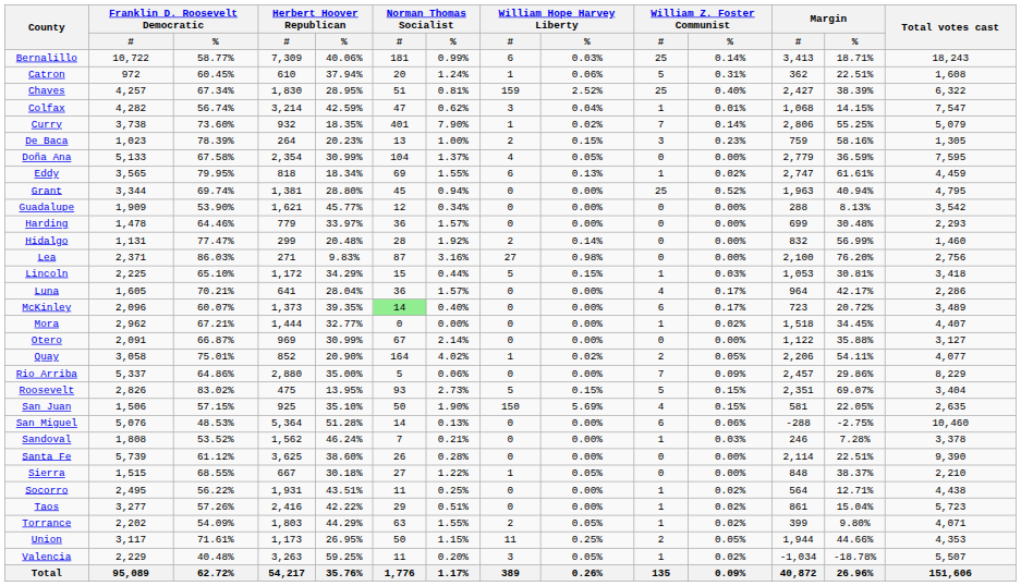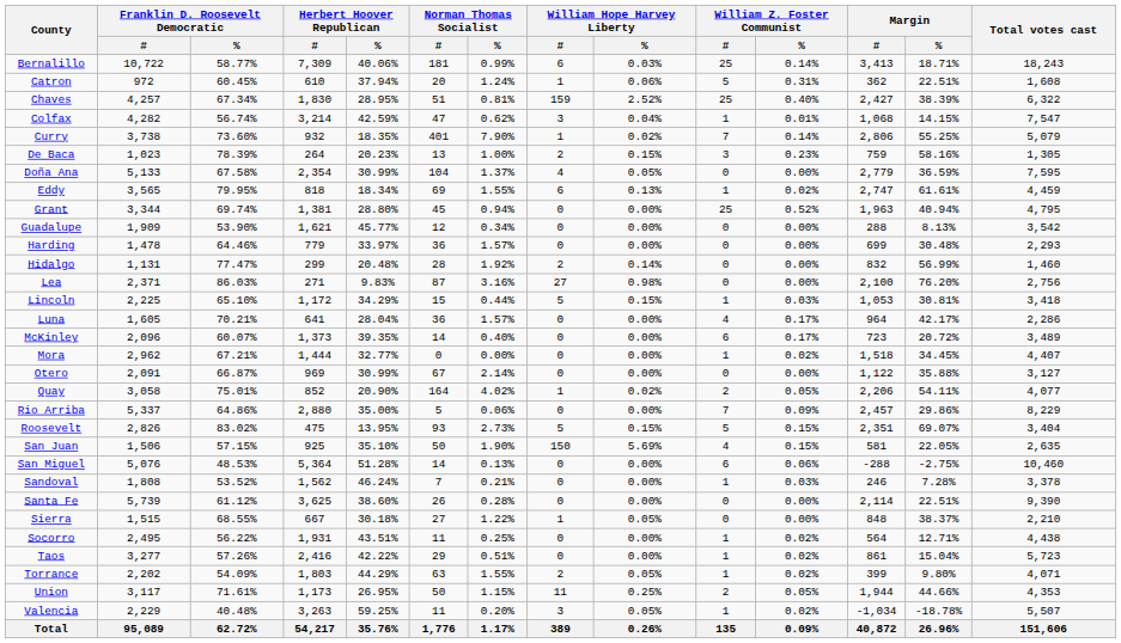 <table width="65%" class="wikitable sortable" style="text-align:center">
 <tr>
 <th style="text-align:center;" rowspan="2">County</th>
 <th style="text-align:center;" colspan="2"><a href='#'>Franklin D. Roosevelt</a><br>Democratic</th>
 <th style="text-align:center;" colspan="2"><a href='#'>Herbert Hoover</a><br>Republican</th>
 <th style="text-align:center;" colspan="2"><a href='#'>Norman Thomas</a><br>Socialist</th>
 <th style="text-align:center;" colspan="2"><a href='#'>William Hope Harvey</a><br>Liberty</th>
 <th style="text-align:center;" colspan="2"><a href='#'>William Z. Foster</a><br>Communist</th>
 <th style="text-align:center;" colspan="2">Margin</th>
 <th style="text-align:center;" rowspan="2">Total votes cast</th>
 </tr>
 <tr>
 <th style="text-align:center;" data-sort-type="number">#</th>
 <th style="text-align:center;" data-sort-type="number">%</th>
 <th style="text-align:center;" data-sort-type="number">#</th>
 <th style="text-align:center;" data-sort-type="number">%</th>
 <th style="text-align:center;" data-sort-type="number">#</th>
 <th style="text-align:center;" data-sort-type="number">%</th>
 <th style="text-align:center;" data-sort-type="number">#</th>
 <th style="text-align:center;" data-sort-type="number">%</th>
 <th style="text-align:center;" data-sort-type="number">#</th>
 <th style="text-align:center;" data-sort-type="number">%</th>
 <th style="text-align:center;" data-sort-type="number">#</th>
 <th style="text-align:center;" data-sort-type="number">%</th>
 </tr>
 <tr style="text-align:center;">
 <td><a href='#'>Bernalillo</a></td>
 <td>10,722</td>
 <td>58.77%</td>
 <td>7,309</td>
 <td>40.06%</td>
 <td>181</td>
 <td>0.99%</td>
 <td>6</td>
 <td>0.03%</td>
 <td>25</td>
 <td>0.14%</td>
 <td>3,413</td>
 <td>18.71%</td>
 <td>18,243</td>
 </tr>
 <tr style="text-align:center;">
 <td><a href='#'>Catron</a></td>
 <td>972</td>
 <td>60.45%</td>
 <td>610</td>
 <td>37.94%</td>
 <td>20</td>
 <td>1.24%</td>
 <td>1</td>
 <td>0.06%</td>
 <td>5</td>
 <td>0.31%</td>
 <td>362</td>
 <td>22.51%</td>
 <td>1,608</td>
 </tr>
 <tr style="text-align:center;">
 <td><a href='#'>Chaves</a></td>
 <td>4,257</td>
 <td>67.34%</td>
 <td>1,830</td>
 <td>28.95%</td>
 <td>51</td>
 <td>0.81%</td>
 <td>159</td>
 <td>2.52%</td>
 <td>25</td>
 <td>0.40%</td>
 <td>2,427</td>
 <td>38.39%</td>
 <td>6,322</td>
 </tr>
 <tr style="text-align:center;">
 <td><a href='#'>Colfax</a></td>
 <td>4,282</td>
 <td>56.74%</td>
 <td>3,214</td>
 <td>42.59%</td>
 <td>47</td>
 <td>0.62%</td>
 <td>3</td>
 <td>0.04%</td>
 <td>1</td>
 <td>0.01%</td>
 <td>1,068</td>
 <td>14.15%</td>
 <td>7,547</td>
 </tr>
 <tr style="text-align:center;">
 <td><a href='#'>Curry</a></td>
 <td>3,738</td>
 <td>73.60%</td>
 <td>932</td>
 <td>18.35%</td>
 <td>401</td>
 <td>7.90%</td>
 <td>1</td>
 <td>0.02%</td>
 <td>7</td>
 <td>0.14%</td>
 <td>2,806</td>
 <td>55.25%</td>
 <td>5,079</td>
 </tr>
 <tr style="text-align:center;">
 <td><a href='#'>De Baca</a></td>
 <td>1,023</td>
 <td>78.39%</td>
 <td>264</td>
 <td>20.23%</td>
 <td>13</td>
 <td>1.00%</td>
 <td>2</td>
 <td>0.15%</td>
 <td>3</td>
 <td>0.23%</td>
 <td>759</td>
 <td>58.16%</td>
 <td>1,305</td>
 </tr>
 <tr style="text-align:center;">
 <td><a href='#'>Doña Ana</a></td>
 <td>5,133</td>
 <td>67.58%</td>
 <td>2,354</td>
 <td>30.99%</td>
 <td>104</td>
 <td>1.37%</td>
 <td>4</td>
 <td>0.05%</td>
 <td>0</td>
 <td>0.00%</td>
 <td>2,779</td>
 <td>36.59%</td>
 <td>7,595</td>
 </tr>
 <tr style="text-align:center;">
 <td><a href='#'>Eddy</a></td>
 <td>3,565</td>
 <td>79.95%</td>
 <td>818</td>
 <td>18.34%</td>
 <td>69</td>
 <td>1.55%</td>
 <td>6</td>
 <td>0.13%</td>
 <td>1</td>
 <td>0.02%</td>
 <td>2,747</td>
 <td>61.61%</td>
 <td>4,459</td>
 </tr>
 <tr style="text-align:center;">
 <td><a href='#'>Grant</a></td>
 <td>3,344</td>
 <td>69.74%</td>
 <td>1,381</td>
 <td>28.80%</td>
 <td>45</td>
 <td>0.94%</td>
 <td>0</td>
 <td>0.00%</td>
 <td>25</td>
 <td>0.52%</td>
 <td>1,963</td>
 <td>40.94%</td>
 <td>4,795</td>
 </tr>
 <tr style="text-align:center;">
 <td><a href='#'>Guadalupe</a></td>
 <td>1,909</td>
 <td>53.90%</td>
 <td>1,621</td>
 <td>45.77%</td>
 <td>12</td>
 <td>0.34%</td>
 <td>0</td>
 <td>0.00%</td>
 <td>0</td>
 <td>0.00%</td>
 <td>288</td>
 <td>8.13%</td>
 <td>3,542</td>
 </tr>
 <tr style="text-align:center;">
 <td><a href='#'>Harding</a></td>
 <td>1,478</td>
 <td>64.46%</td>
 <td>779</td>
 <td>33.97%</td>
 <td>36</td>
 <td>1.57%</td>
 <td>0</td>
 <td>0.00%</td>
 <td>0</td>
 <td>0.00%</td>
 <td>699</td>
 <td>30.48%</td>
 <td>2,293</td>
 </tr>
 <tr style="text-align:center;">
 <td><a href='#'>Hidalgo</a></td>
 <td>1,131</td>
 <td>77.47%</td>
 <td>299</td>
 <td>20.48%</td>
 <td>28</td>
 <td>1.92%</td>
 <td>2</td>
 <td>0.14%</td>
 <td>0</td>
 <td>0.00%</td>
 <td>832</td>
 <td>56.99%</td>
 <td>1,460</td>
 </tr>
 <tr style="text-align:center;">
 <td><a href='#'>Lea</a></td>
 <td>2,371</td>
 <td>86.03%</td>
 <td>271</td>
 <td>9.83%</td>
 <td>87</td>
 <td>3.16%</td>
 <td>27</td>
 <td>0.98%</td>
 <td>0</td>
 <td>0.00%</td>
 <td>2,100</td>
 <td>76.20%</td>
 <td>2,756</td>
 </tr>
 <tr style="text-align:center;">
 <td><a href='#'>Lincoln</a></td>
 <td>2,225</td>
 <td>65.10%</td>
 <td>1,172</td>
 <td>34.29%</td>
 <td>15</td>
 <td>0.44%</td>
 <td>5</td>
 <td>0.15%</td>
 <td>1</td>
 <td>0.03%</td>
 <td>1,053</td>
 <td>30.81%</td>
 <td>3,418</td>
 </tr>
 <tr style="text-align:center;">
 <td><a href='#'>Luna</a></td>
 <td>1,605</td>
 <td>70.21%</td>
 <td>641</td>
 <td>28.04%</td>
 <td>36</td>
 <td>1.57%</td>
 <td>0</td>
 <td>0.00%</td>
 <td>4</td>
 <td>0.17%</td>
 <td>964</td>
 <td>42.17%</td>
 <td>2,286</td>
 </tr>
 <tr style="text-align:center;">
 <td><a href='#'>McKinley</a></td>
 <td>2,096</td>
 <td>60.07%</td>
 <td>1,373</td>
 <td>39.35%</td>
-<td style="background: lightgreen;">14</td>
+<td>14</td>
 <td>0.40%</td>
 <td>0</td>
 <td>0.00%</td>
 <td>6</td>
 <td>0.17%</td>
 <td>723</td>
 <td>20.72%</td>
 <td>3,489</td>
 </tr>
 <tr style="text-align:center;">
 <td><a href='#'>Mora</a></td>
 <td>2,962</td>
 <td>67.21%</td>
 <td>1,444</td>
 <td>32.77%</td>
 <td>0</td>
 <td>0.00%</td>
 <td>0</td>
 <td>0.00%</td>
 <td>1</td>
 <td>0.02%</td>
 <td>1,518</td>
 <td>34.45%</td>
 <td>4,407</td>
 </tr>
 <tr style="text-align:center;">
 <td><a href='#'>Otero</a></td>
 <td>2,091</td>
 <td>66.87%</td>
 <td>969</td>
 <td>30.99%</td>
 <td>67</td>
 <td>2.14%</td>
 <td>0</td>
 <td>0.00%</td>
 <td>0</td>
 <td>0.00%</td>
 <td>1,122</td>
 <td>35.88%</td>
 <td>3,127</td>
 </tr>
 <tr style="text-align:center;">
 <td><a href='#'>Quay</a></td>
 <td>3,058</td>
 <td>75.01%</td>
 <td>852</td>
 <td>20.90%</td>
 <td>164</td>
 <td>4.02%</td>
 <td>1</td>
 <td>0.02%</td>
 <td>2</td>
 <td>0.05%</td>
 <td>2,206</td>
 <td>54.11%</td>
 <td>4,077</td>
 </tr>
 <tr style="text-align:center;">
 <td><a href='#'>Rio Arriba</a></td>
 <td>5,337</td>
 <td>64.86%</td>
 <td>2,880</td>
 <td>35.00%</td>
 <td>5</td>
 <td>0.06%</td>
 <td>0</td>
 <td>0.00%</td>
 <td>7</td>
 <td>0.09%</td>
 <td>2,457</td>
 <td>29.86%</td>
 <td>8,229</td>
 </tr>
 <tr style="text-align:center;">
 <td><a href='#'>Roosevelt</a></td>
 <td>2,826</td>
 <td>83.02%</td>
 <td>475</td>
 <td>13.95%</td>
 <td>93</td>
 <td>2.73%</td>
 <td>5</td>
 <td>0.15%</td>
 <td>5</td>
 <td>0.15%</td>
 <td>2,351</td>
 <td>69.07%</td>
 <td>3,404</td>
 </tr>
 <tr style="text-align:center;">
 <td><a href='#'>San Juan</a></td>
 <td>1,506</td>
 <td>57.15%</td>
 <td>925</td>
 <td>35.10%</td>
 <td>50</td>
 <td>1.90%</td>
 <td>150</td>
 <td>5.69%</td>
 <td>4</td>
 <td>0.15%</td>
 <td>581</td>
 <td>22.05%</td>
 <td>2,635</td>
 </tr>
 <tr style="text-align:center;">
 <td><a href='#'>San Miguel</a></td>
 <td>5,076</td>
 <td>48.53%</td>
 <td>5,364</td>
 <td>51.28%</td>
 <td>14</td>
 <td>0.13%</td>
 <td>0</td>
 <td>0.00%</td>
 <td>6</td>
 <td>0.06%</td>
 <td>-288</td>
 <td>-2.75%</td>
 <td>10,460</td>
 </tr>
 <tr style="text-align:center;">
 <td><a href='#'>Sandoval</a></td>
 <td>1,808</td>
 <td>53.52%</td>
 <td>1,562</td>
 <td>46.24%</td>
 <td>7</td>
 <td>0.21%</td>
 <td>0</td>
 <td>0.00%</td>
 <td>1</td>
 <td>0.03%</td>
 <td>246</td>
 <td>7.28%</td>
 <td>3,378</td>
 </tr>
 <tr style="text-align:center;">
 <td><a href='#'>Santa Fe</a></td>
 <td>5,739</td>
 <td>61.12%</td>
 <td>3,625</td>
 <td>38.60%</td>
 <td>26</td>
 <td>0.28%</td>
 <td>0</td>
 <td>0.00%</td>
 <td>0</td>
 <td>0.00%</td>
 <td>2,114</td>
 <td>22.51%</td>
 <td>9,390</td>
 </tr>
 <tr style="text-align:center;">
 <td><a href='#'>Sierra</a></td>
 <td>1,515</td>
 <td>68.55%</td>
 <td>667</td>
 <td>30.18%</td>
 <td>27</td>
 <td>1.22%</td>
 <td>1</td>
 <td>0.05%</td>
 <td>0</td>
 <td>0.00%</td>
 <td>848</td>
 <td>38.37%</td>
 <td>2,210</td>
 </tr>
 <tr style="text-align:center;">
 <td><a href='#'>Socorro</a></td>
 <td>2,495</td>
 <td>56.22%</td>
 <td>1,931</td>
 <td>43.51%</td>
 <td>11</td>
 <td>0.25%</td>
 <td>0</td>
 <td>0.00%</td>
 <td>1</td>
 <td>0.02%</td>
 <td>564</td>
 <td>12.71%</td>
 <td>4,438</td>
 </tr>
 <tr style="text-align:center;">
 <td><a href='#'>Taos</a></td>
 <td>3,277</td>
 <td>57.26%</td>
 <td>2,416</td>
 <td>42.22%</td>
 <td>29</td>
 <td>0.51%</td>
 <td>0</td>
 <td>0.00%</td>
 <td>1</td>
 <td>0.02%</td>
 <td>861</td>
 <td>15.04%</td>
 <td>5,723</td>
 </tr>
 <tr style="text-align:center;">
 <td><a href='#'>Torrance</a></td>
 <td>2,202</td>
 <td>54.09%</td>
 <td>1,803</td>
 <td>44.29%</td>
 <td>63</td>
 <td>1.55%</td>
 <td>2</td>
 <td>0.05%</td>
 <td>1</td>
 <td>0.02%</td>
 <td>399</td>
 <td>9.80%</td>
 <td>4,071</td>
 </tr>
 <tr style="text-align:center;">
 <td><a href='#'>Union</a></td>
 <td>3,117</td>
 <td>71.61%</td>
 <td>1,173</td>
 <td>26.95%</td>
 <td>50</td>
 <td>1.15%</td>
 <td>11</td>
 <td>0.25%</td>
 <td>2</td>
 <td>0.05%</td>
 <td>1,944</td>
 <td>44.66%</td>
 <td>4,353</td>
 </tr>
 <tr style="text-align:center;">
 <td><a href='#'>Valencia</a></td>
 <td>2,229</td>
 <td>40.48%</td>
 <td>3,263</td>
 <td>59.25%</td>
 <td>11</td>
 <td>0.20%</td>
 <td>3</td>
 <td>0.05%</td>
 <td>1</td>
 <td>0.02%</td>
 <td>-1,034</td>
 <td>-18.78%</td>
 <td>5,507</td>
 </tr>
 <tr style="text-align:center;">
 <th>Total</th>
 <th>95,089</th>
 <th>62.72%</th>
 <th>54,217</th>
 <th>35.76%</th>
 <th>1,776</th>
 <th>1.17%</th>
 <th>389</th>
 <th>0.26%</th>
 <th>135</th>
 <th>0.09%</th>
 <th>40,872</th>
 <th>26.96%</th>
 <th>151,606</th>
 </tr>
 </table>
